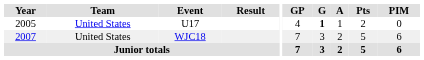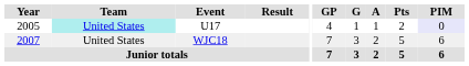 <table border="0" cellpadding="1" cellspacing="0" ID="Table3" style="text-align:center; width:40em">
 <tr ALIGN="center" bgcolor="#e0e0e0">
 <th>Year</th>
 <th>Team</th>
 <th>Event</th>
 <th>Result</th>
 <th rowspan="99" bgcolor="#ffffff"></th>
 <th>GP</th>
 <th>G</th>
 <th>A</th>
 <th>Pts</th>
 <th>PIM</th>
 </tr>
 <tr>
 <td>2005</td>
-<td><a href='#'>United States</a></td>
+<td style="background: paleturquoise;"><a href='#'>United States</a></td>
 <td>U17</td>
 <td></td>
 <td>4</td>
-<td><strong>1</strong></td>
+<td>1</td>
 <td>1</td>
 <td>2</td>
-<td>0</td>
+<td style="background: lavender;">0</td>
 </tr>
 <tr ALIGN="center" bgcolor="#f0f0f0">
 <td><a href='#'>2007</a></td>
 <td>United States</td>
 <td><a href='#'>WJC18</a></td>
 <td></td>
 <td>7</td>
 <td>3</td>
 <td>2</td>
 <td>5</td>
 <td>6</td>
 </tr>
 <tr ALIGN="center" bgcolor="#e0e0e0">
 <th colspan="4">Junior totals</th>
 <th>7</th>
 <th>3</th>
 <th>2</th>
 <th>5</th>
 <th>6</th>
 </tr>
 </table>
